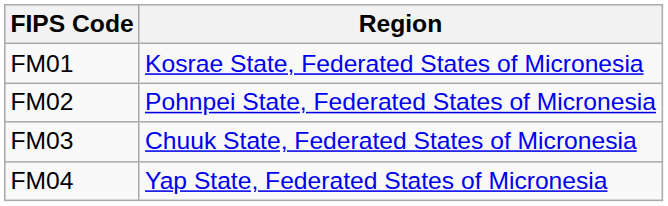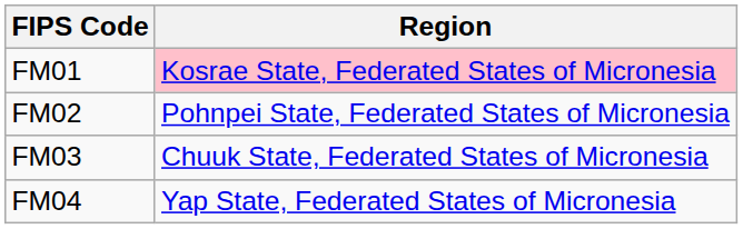 <table class="wikitable">
 <tr>
 <th>FIPS Code</th>
 <th>Region</th>
 </tr>
 <tr>
 <td>FM01</td>
-<td><a href='#'>Kosrae State, Federated States of Micronesia</a></td>
+<td style="background: pink;"><a href='#'>Kosrae State, Federated States of Micronesia</a></td>
 </tr>
 <tr>
 <td>FM02</td>
 <td><a href='#'>Pohnpei State, Federated States of Micronesia</a></td>
 </tr>
 <tr>
 <td>FM03</td>
 <td><a href='#'>Chuuk State, Federated States of Micronesia</a></td>
 </tr>
 <tr>
 <td>FM04</td>
 <td><a href='#'>Yap State, Federated States of Micronesia</a></td>
 </tr>
 </table>
